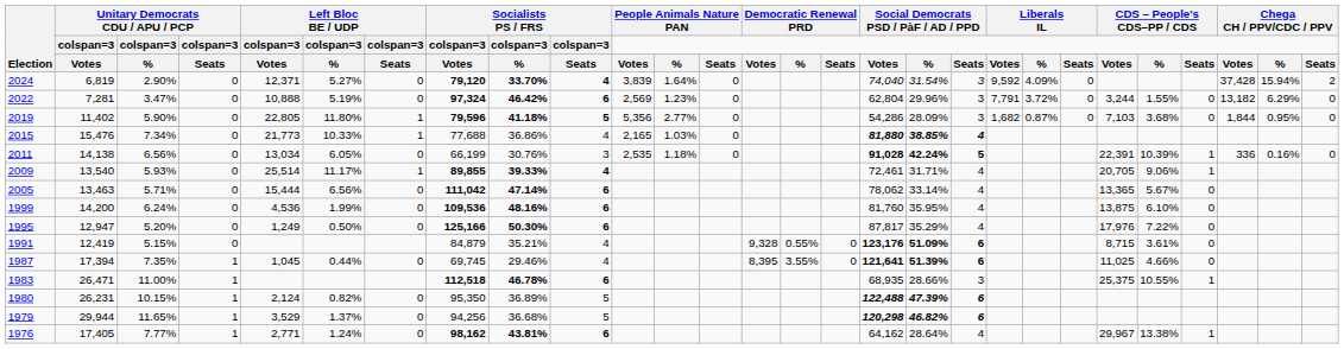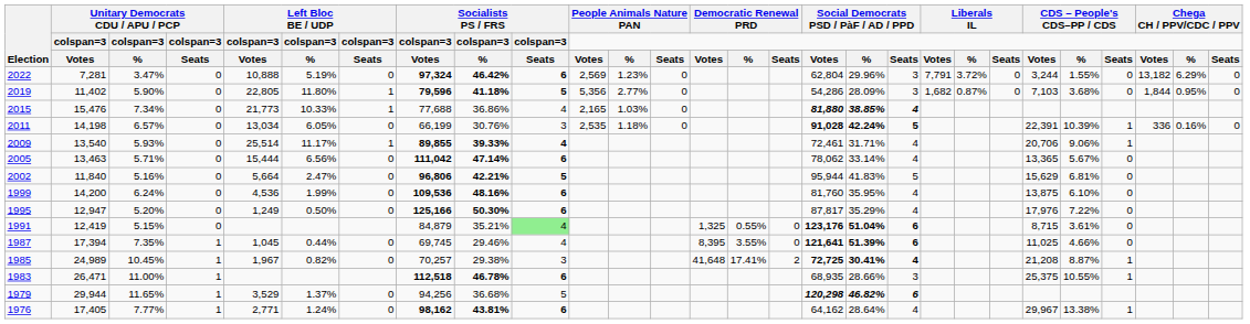 <table class="wikitable" border="1" style="font-size:85%; text-align:right;">
 <tr>
 <th style="text-align:left;" valign=bottom rowspan=3>Election</th>
 <th valign=bottom colspan=3><a href='#'>Unitary Democrats</a><br>CDU / APU / PCP</th>
 <th valign=bottom colspan=3><a href='#'>Left Bloc</a><br>BE / UDP</th>
 <th valign=bottom colspan=3><a href='#'>Socialists</a><br>PS / FRS</th>
 <th valign=bottom colspan=3><a href='#'>People Animals Nature</a><br>PAN</th>
 <th valign=bottom colspan=3><a href='#'>Democratic Renewal</a><br>PRD</th>
 <th valign=bottom colspan=3><a href='#'>Social Democrats</a><br>PSD / PàF / AD / PPD</th>
 <th valign=bottom colspan=3><a href='#'>Liberals</a><br>IL</th>
 <th valign=bottom colspan=3><a href='#'>CDS – People's</a><br>CDS–PP / CDS</th>
 <th valign=bottom colspan=3><a href='#'>Chega</a><br>CH / PPV/CDC / PPV</th>
 </tr>
 <tr>
 <th>colspan=3 </th>
 <th>colspan=3 </th>
 <th>colspan=3 </th>
 <th>colspan=3 </th>
 <th>colspan=3 </th>
 <th>colspan=3 </th>
 <th>colspan=3 </th>
 <th>colspan=3 </th>
 <th>colspan=3 </th>
 </tr>
 <tr>
 <th>Votes</th>
 <th>%</th>
 <th>Seats</th>
 <th>Votes</th>
 <th>%</th>
 <th>Seats</th>
 <th>Votes</th>
 <th>%</th>
 <th>Seats</th>
 <th>Votes</th>
 <th>%</th>
 <th>Seats</th>
 <th>Votes</th>
 <th>%</th>
 <th>Seats</th>
 <th>Votes</th>
 <th>%</th>
 <th>Seats</th>
 <th>Votes</th>
 <th>%</th>
 <th>Seats</th>
 <th>Votes</th>
 <th>%</th>
 <th>Seats</th>
 <th>Votes</th>
 <th>%</th>
 <th>Seats</th>
-</tr>
-<tr>
-<td align=left><a href='#'>2024</a></td>
-<td>6,819</td>
-<td>2.90%</td>
-<td>0</td>
-<td>12,371</td>
-<td>5.27%</td>
-<td>0</td>
-<td><strong>79,120</strong></td>
-<td><strong>33.70%</strong></td>
-<td><strong>4</strong></td>
-<td>3,839</td>
-<td>1.64%</td>
-<td>0</td>
-<td></td>
-<td></td>
-<td></td>
-<td><em>74,040</em></td>
-<td><em>31.54%</em></td>
-<td><em>3</em></td>
-<td>9,592</td>
-<td>4.09%</td>
-<td>0</td>
-<td></td>
-<td></td>
-<td></td>
-<td>37,428</td>
-<td>15.94%</td>
-<td>2</td>
 </tr>
 <tr>
 <td align=left><a href='#'>2022</a></td>
 <td>7,281</td>
 <td>3.47%</td>
 <td>0</td>
 <td>10,888</td>
 <td>5.19%</td>
 <td>0</td>
 <td><strong>97,324</strong></td>
 <td><strong>46.42%</strong></td>
 <td><strong>6</strong></td>
 <td>2,569</td>
 <td>1.23%</td>
 <td>0</td>
 <td></td>
 <td></td>
 <td></td>
 <td>62,804</td>
 <td>29.96%</td>
 <td>3</td>
 <td>7,791</td>
 <td>3.72%</td>
 <td>0</td>
 <td>3,244</td>
 <td>1.55%</td>
 <td>0</td>
 <td>13,182</td>
 <td>6.29%</td>
 <td>0</td>
 </tr>
 <tr>
 <td align=left><a href='#'>2019</a></td>
 <td>11,402</td>
 <td>5.90%</td>
 <td>0</td>
 <td>22,805</td>
 <td>11.80%</td>
 <td>1</td>
 <td><strong>79,596</strong></td>
 <td><strong>41.18%</strong></td>
 <td><strong>5</strong></td>
 <td>5,356</td>
 <td>2.77%</td>
 <td>0</td>
 <td></td>
 <td></td>
 <td></td>
 <td>54,286</td>
 <td>28.09%</td>
 <td>3</td>
 <td>1,682</td>
 <td>0.87%</td>
 <td>0</td>
 <td>7,103</td>
 <td>3.68%</td>
 <td>0</td>
 <td>1,844</td>
 <td>0.95%</td>
 <td>0</td>
 </tr>
 <tr>
 <td align=left><a href='#'>2015</a></td>
 <td>15,476</td>
 <td>7.34%</td>
 <td>0</td>
 <td>21,773</td>
 <td>10.33%</td>
 <td>1</td>
 <td>77,688</td>
 <td>36.86%</td>
 <td>4</td>
 <td>2,165</td>
 <td>1.03%</td>
 <td>0</td>
 <td></td>
 <td></td>
 <td></td>
 <td><strong><em>81,880</em></strong></td>
 <td><strong><em>38.85%</em></strong></td>
 <td><strong><em>4</em></strong></td>
 <td></td>
 <td></td>
 <td></td>
 <td></td>
 <td></td>
 <td></td>
 <td></td>
 <td></td>
 <td></td>
 </tr>
 <tr>
 <td align=left><a href='#'>2011</a></td>
-<td>14,138</td>
-<td>6.56%</td>
+<td>14,198</td>
+<td>6.57%</td>
 <td>0</td>
 <td>13,034</td>
 <td>6.05%</td>
 <td>0</td>
 <td>66,199</td>
 <td>30.76%</td>
 <td>3</td>
 <td>2,535</td>
 <td>1.18%</td>
 <td>0</td>
 <td></td>
 <td></td>
 <td></td>
 <td><strong>91,028</strong></td>
 <td><strong>42.24%</strong></td>
 <td><strong>5</strong></td>
 <td></td>
 <td></td>
 <td></td>
 <td>22,391</td>
 <td>10.39%</td>
 <td>1</td>
 <td>336</td>
 <td>0.16%</td>
 <td>0</td>
 </tr>
 <tr>
 <td align=left><a href='#'>2009</a></td>
 <td>13,540</td>
 <td>5.93%</td>
 <td>0</td>
 <td>25,514</td>
 <td>11.17%</td>
 <td>1</td>
 <td><strong>89,855</strong></td>
 <td><strong>39.33%</strong></td>
 <td><strong>4</strong></td>
 <td></td>
 <td></td>
 <td></td>
 <td></td>
 <td></td>
 <td></td>
 <td>72,461</td>
 <td>31.71%</td>
 <td>4</td>
 <td></td>
 <td></td>
 <td></td>
-<td>20,705</td>
+<td>20,706</td>
 <td>9.06%</td>
 <td>1</td>
 <td></td>
 <td></td>
 <td></td>
 </tr>
 <tr>
 <td align=left><a href='#'>2005</a></td>
 <td>13,463</td>
 <td>5.71%</td>
 <td>0</td>
 <td>15,444</td>
 <td>6.56%</td>
 <td>0</td>
 <td><strong>111,042</strong></td>
 <td><strong>47.14%</strong></td>
 <td><strong>6</strong></td>
 <td></td>
 <td></td>
 <td></td>
 <td></td>
 <td></td>
 <td></td>
 <td>78,062</td>
 <td>33.14%</td>
 <td>4</td>
 <td></td>
 <td></td>
 <td></td>
 <td>13,365</td>
 <td>5.67%</td>
+<td>0</td>
+<td></td>
+<td></td>
+<td></td>
+</tr>
+<tr>
+<td align=left><a href='#'>2002</a></td>
+<td>11,840</td>
+<td>5.16%</td>
+<td>0</td>
+<td>5,664</td>
+<td>2.47%</td>
+<td>0</td>
+<td><strong>96,806</strong></td>
+<td><strong>42.21%</strong></td>
+<td><strong>5</strong></td>
+<td></td>
+<td></td>
+<td></td>
+<td></td>
+<td></td>
+<td></td>
+<td>95,944</td>
+<td>41.83%</td>
+<td>5</td>
+<td></td>
+<td></td>
+<td></td>
+<td>15,629</td>
+<td>6.81%</td>
 <td>0</td>
 <td></td>
 <td></td>
 <td></td>
 </tr>
 <tr>
 <td align=left><a href='#'>1999</a></td>
 <td>14,200</td>
 <td>6.24%</td>
 <td>0</td>
 <td>4,536</td>
 <td>1.99%</td>
 <td>0</td>
 <td><strong>109,536</strong></td>
 <td><strong>48.16%</strong></td>
 <td><strong>6</strong></td>
 <td></td>
 <td></td>
 <td></td>
 <td></td>
 <td></td>
 <td></td>
 <td>81,760</td>
 <td>35.95%</td>
 <td>4</td>
 <td></td>
 <td></td>
 <td></td>
 <td>13,875</td>
 <td>6.10%</td>
 <td>0</td>
 <td></td>
 <td></td>
 <td></td>
 </tr>
 <tr>
 <td align=left><a href='#'>1995</a></td>
 <td>12,947</td>
 <td>5.20%</td>
 <td>0</td>
 <td>1,249</td>
 <td>0.50%</td>
 <td>0</td>
 <td><strong>125,166</strong></td>
 <td><strong>50.30%</strong></td>
 <td><strong>6</strong></td>
 <td></td>
 <td></td>
 <td></td>
 <td></td>
 <td></td>
 <td></td>
 <td>87,817</td>
 <td>35.29%</td>
 <td>4</td>
 <td></td>
 <td></td>
 <td></td>
 <td>17,976</td>
 <td>7.22%</td>
 <td>0</td>
 <td></td>
 <td></td>
 <td></td>
 </tr>
 <tr>
 <td align=left><a href='#'>1991</a></td>
 <td>12,419</td>
 <td>5.15%</td>
 <td>0</td>
 <td></td>
 <td></td>
 <td></td>
 <td>84,879</td>
 <td>35.21%</td>
-<td>4</td>
+<td style="background: lightgreen;">4</td>
 <td></td>
 <td></td>
 <td></td>
-<td>9,328</td>
+<td>1,325</td>
 <td>0.55%</td>
 <td>0</td>
 <td><strong>123,176</strong></td>
-<td><strong>51.09%</strong></td>
+<td><strong>51.04%</strong></td>
 <td><strong>6</strong></td>
 <td></td>
 <td></td>
 <td></td>
 <td>8,715</td>
 <td>3.61%</td>
 <td>0</td>
 <td></td>
 <td></td>
 <td></td>
 </tr>
 <tr>
 <td align=left><a href='#'>1987</a></td>
 <td>17,394</td>
 <td>7.35%</td>
 <td>1</td>
 <td>1,045</td>
 <td>0.44%</td>
 <td>0</td>
 <td>69,745</td>
 <td>29.46%</td>
 <td>4</td>
 <td></td>
 <td></td>
 <td></td>
 <td>8,395</td>
 <td>3.55%</td>
 <td>0</td>
 <td><strong>121,641</strong></td>
 <td><strong>51.39%</strong></td>
 <td><strong>6</strong></td>
 <td></td>
 <td></td>
 <td></td>
 <td>11,025</td>
 <td>4.66%</td>
 <td>0</td>
 <td></td>
 <td></td>
 <td></td>
 </tr>
 <tr>
+<td align=left><a href='#'>1985</a></td>
+<td>24,989</td>
+<td>10.45%</td>
+<td>1</td>
+<td>1,967</td>
+<td>0.82%</td>
+<td>0</td>
+<td>70,257</td>
+<td>29.38%</td>
+<td>3</td>
+<td></td>
+<td></td>
+<td></td>
+<td>41,648</td>
+<td>17.41%</td>
+<td>2</td>
+<td><strong>72,725</strong></td>
+<td><strong>30.41%</strong></td>
+<td><strong>4</strong></td>
+<td></td>
+<td></td>
+<td></td>
+<td>21,208</td>
+<td>8.87%</td>
+<td>1</td>
+<td></td>
+<td></td>
+<td></td>
+</tr>
+<tr>
 <td align=left><a href='#'>1983</a></td>
 <td>26,471</td>
 <td>11.00%</td>
 <td>1</td>
 <td></td>
 <td></td>
 <td></td>
 <td><strong>112,518</strong></td>
 <td><strong>46.78%</strong></td>
 <td><strong>6</strong></td>
 <td></td>
 <td></td>
 <td></td>
 <td></td>
 <td></td>
 <td></td>
 <td>68,935</td>
 <td>28.66%</td>
 <td>3</td>
 <td></td>
 <td></td>
 <td></td>
 <td>25,375</td>
 <td>10.55%</td>
 <td>1</td>
-<td></td>
-<td></td>
-<td></td>
-</tr>
-<tr>
-<td align=left><a href='#'>1980</a></td>
-<td>26,231</td>
-<td>10.15%</td>
-<td>1</td>
-<td>2,124</td>
-<td>0.82%</td>
-<td>0</td>
-<td>95,350</td>
-<td>36.89%</td>
-<td>5</td>
-<td></td>
-<td></td>
-<td></td>
-<td></td>
-<td></td>
-<td></td>
-<td><strong><em>122,488</em></strong></td>
-<td><strong><em>47.39%</em></strong></td>
-<td><strong><em>6</em></strong></td>
-<td></td>
-<td></td>
-<td></td>
-<td></td>
-<td></td>
-<td></td>
 <td></td>
 <td></td>
 <td></td>
 </tr>
 <tr>
 <td align=left><a href='#'>1979</a></td>
 <td>29,944</td>
 <td>11.65%</td>
 <td>1</td>
 <td>3,529</td>
 <td>1.37%</td>
 <td>0</td>
 <td>94,256</td>
 <td>36.68%</td>
 <td>5</td>
 <td></td>
 <td></td>
 <td></td>
 <td></td>
 <td></td>
 <td></td>
 <td><strong><em>120,298</em></strong></td>
 <td><strong><em>46.82%</em></strong></td>
 <td><strong><em>6</em></strong></td>
 <td></td>
 <td></td>
 <td></td>
 <td></td>
 <td></td>
 <td></td>
 <td></td>
 <td></td>
 <td></td>
 </tr>
 <tr>
 <td align=left><a href='#'>1976</a></td>
 <td>17,405</td>
 <td>7.77%</td>
 <td>1</td>
 <td>2,771</td>
 <td>1.24%</td>
 <td>0</td>
 <td><strong>98,162</strong></td>
 <td><strong>43.81%</strong></td>
 <td><strong>6</strong></td>
 <td></td>
 <td></td>
 <td></td>
 <td></td>
 <td></td>
 <td></td>
 <td>64,162</td>
 <td>28.64%</td>
 <td>4</td>
 <td></td>
 <td></td>
 <td></td>
 <td>29,967</td>
 <td>13.38%</td>
 <td>1</td>
 <td></td>
 <td></td>
 <td></td>
 </tr>
 </table>
